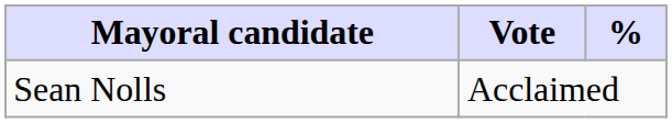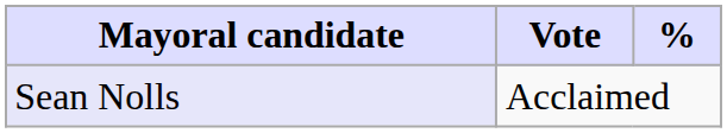 <table class="wikitable">
 <tr>
 <th style="background:#ddf; width:200px;">Mayoral candidate</th>
 <th style="background:#ddf; width:50px;">Vote</th>
 <th style="background:#ddf; width:30px;">%</th>
 </tr>
 <tr>
-<td>Sean Nolls</td>
+<td style="background: lavender;">Sean Nolls</td>
 <td colspan="2">Acclaimed</td>
 </tr>
 </table>
